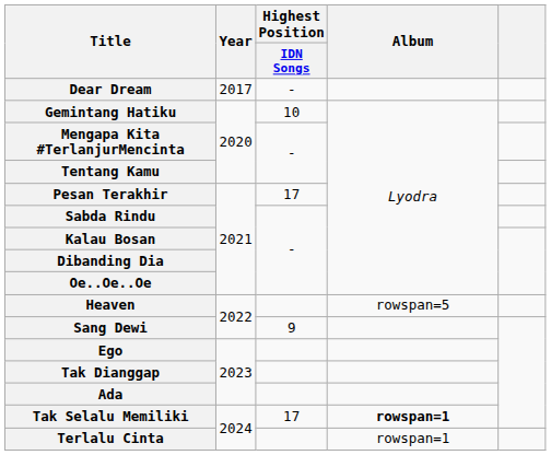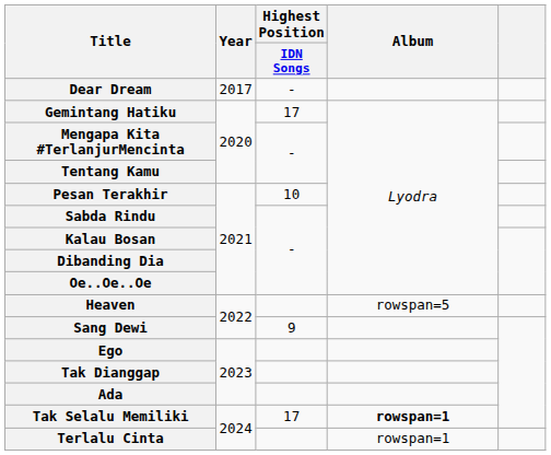 <table class="wikitable plainrowheaders" style="text-align:center">
 <tr>
 <th scope="col" rowspan="2" style="width:15em;">Title</th>
 <th scope="col" rowspan="2">Year</th>
 <th scope="col" colspan="1">Highest Position</th>
 <th scope="col" rowspan="2" style="width:12em;">Album</th>
 <th rowspan="2" scope="col" style="width:3em;"></th>
 </tr>
 <tr>
 <th scope="col" style="width:3em;font-size:90%;"><a href='#'>IDN Songs</a></th>
 </tr>
 <tr>
 <th scope="row">Dear Dream</th>
 <td>2017</td>
 <td>-</td>
 <td></td>
 <td></td>
 </tr>
 <tr>
 <th scope="row">Gemintang Hatiku</th>
 <td rowspan="3">2020</td>
-<td>10</td>
+<td>17</td>
 <td rowspan="8"><em>Lyodra</em></td>
 <td></td>
 </tr>
 <tr>
 <th scope="row">Mengapa Kita #TerlanjurMencinta</th>
 <td rowspan="2">-</td>
 <td></td>
 </tr>
 <tr>
 <th scope="row">Tentang Kamu</th>
 <td></td>
 </tr>
 <tr>
 <th scope="row">Pesan Terakhir</th>
 <td rowspan="5">2021</td>
-<td>17</td>
+<td>10</td>
 <td></td>
 </tr>
 <tr>
 <th scope="row">Sabda Rindu</th>
 <td rowspan="4">-</td>
 <td></td>
 </tr>
 <tr>
 <th scope="row">Kalau Bosan</th>
 </tr>
 <tr>
 <th scope="row">Dibanding Dia</th>
 </tr>
 <tr>
 <th scope="row">Oe..Oe..Oe</th>
 </tr>
 <tr>
 <th scope= "row">Heaven </th>
 <td rowspan=2>2022</td>
 <td></td>
 <td>rowspan=5 </td>
 <td></td>
 </tr>
 <tr>
 <th scope= "row">Sang Dewi </th>
 <td>9</td>
 <td></td>
 </tr>
 <tr>
 <th scope= "row">Ego</th>
 <td rowspan=3>2023</td>
 <td></td>
 <td></td>
 </tr>
 <tr>
 <th scope= "row">Tak Dianggap</th>
 <td></td>
 <td></td>
 </tr>
 <tr>
 <th scope= "row">Ada </th>
 <td></td>
 <td></td>
 </tr>
 <tr>
 <th scope= "row">Tak Selalu Memiliki</th>
 <td rowspan=2>2024</td>
 <td>17</td>
 <td><strong>rowspan=1 </strong></td>
 </tr>
 <tr>
 <th scope= "row">Terlalu Cinta </th>
 <td></td>
 <td>rowspan=1 </td>
 <td></td>
 </tr>
 </table>
